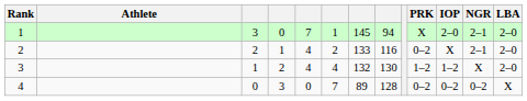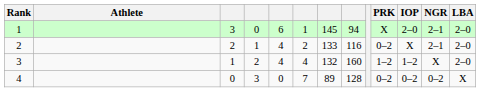 <table class="wikitable" style="text-align:center">
 <tr>
 <th>Rank</th>
 <th width=280>Athlete</th>
 <th width=30></th>
 <th width=30></th>
 <th width=30></th>
 <th width=30></th>
 <th width=30></th>
 <th width=30></th>
 <th rowspan=5></th>
 <th width=30>PRK</th>
 <th width=30>IOP</th>
 <th width=30>NGR</th>
 <th width=30>LBA</th>
 </tr>
 <tr style="background-color:#ccffcc;">
 <td>1</td>
 <td align=left></td>
 <td>3</td>
 <td>0</td>
-<td>7</td>
+<td>6</td>
 <td>1</td>
 <td>145</td>
 <td>94</td>
 <td>X</td>
 <td>2–0</td>
 <td>2–1</td>
 <td>2–0</td>
 </tr>
 <tr>
 <td>2</td>
 <td align=left></td>
 <td>2</td>
 <td>1</td>
 <td>4</td>
 <td>2</td>
 <td>133</td>
 <td>116</td>
 <td>0–2</td>
 <td>X</td>
 <td>2–1</td>
 <td>2–0</td>
 </tr>
 <tr>
 <td>3</td>
 <td align=left></td>
 <td>1</td>
 <td>2</td>
 <td>4</td>
 <td>4</td>
 <td>132</td>
-<td>130</td>
+<td>160</td>
 <td>1–2</td>
 <td>1–2</td>
 <td>X</td>
 <td>2–0</td>
 </tr>
 <tr>
 <td>4</td>
 <td align=left></td>
 <td>0</td>
 <td>3</td>
 <td>0</td>
 <td>7</td>
 <td>89</td>
 <td>128</td>
 <td>0–2</td>
 <td>0–2</td>
 <td>0–2</td>
 <td>X</td>
 </tr>
 </table>
